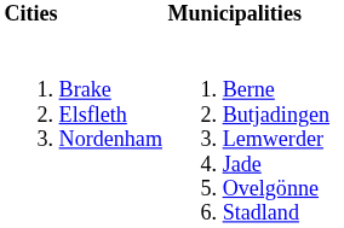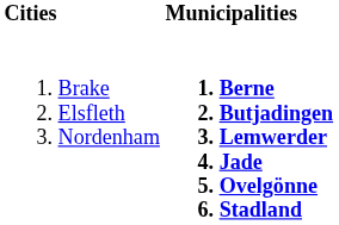 <table>
 <tr>
 <th align=left>Cities</th>
 <th align=left>Municipalities</th>
 </tr>
 <tr valign=top>
 <td><br><ol><li><a href='#'>Brake</a></li><li><a href='#'>Elsfleth</a></li><li><a href='#'>Nordenham</a></li></ol></td>
-<td><br><ol><li><a href='#'>Berne</a></li><li><a href='#'>Butjadingen</a></li><li><a href='#'>Lemwerder</a></li><li><a href='#'>Jade</a></li><li><a href='#'>Ovelgönne</a></li><li><a href='#'>Stadland</a></li></ol></td>
+<td><strong><br><ol><li><a href='#'>Berne</a></li><li><a href='#'>Butjadingen</a></li><li><a href='#'>Lemwerder</a></li><li><a href='#'>Jade</a></li><li><a href='#'>Ovelgönne</a></li><li><a href='#'>Stadland</a></li></ol></strong></td>
 </tr>
 </table>
